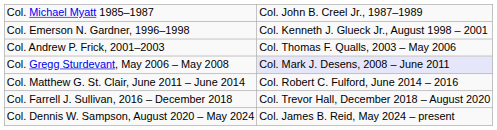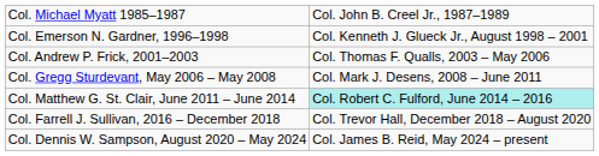 <table class="wikitable">
 <tr>
 <td>Col. <a href='#'>Michael Myatt</a> 1985–1987</td>
 <td>Col. John B. Creel Jr., 1987–1989</td>
 </tr>
 <tr>
 <td>Col. Emerson N. Gardner, 1996–1998</td>
 <td>Col. Kenneth J. Glueck Jr., August 1998 – 2001</td>
 </tr>
 <tr>
 <td>Col. Andrew P. Frick, 2001–2003</td>
 <td>Col. Thomas F. Qualls, 2003 – May 2006</td>
 </tr>
 <tr>
 <td>Col. <a href='#'>Gregg Sturdevant</a>, May 2006 – May 2008</td>
-<td style="background: lavender;">Col. Mark J. Desens, 2008 – June 2011</td>
+<td>Col. Mark J. Desens, 2008 – June 2011</td>
 </tr>
 <tr>
 <td>Col. Matthew G. St. Clair, June 2011 – June 2014</td>
-<td>Col. Robert C. Fulford, June 2014 – 2016</td>
+<td style="background: paleturquoise;">Col. Robert C. Fulford, June 2014 – 2016</td>
 </tr>
 <tr>
 <td>Col. Farrell J. Sullivan, 2016 – December 2018</td>
 <td>Col. Trevor Hall, December 2018 – August 2020</td>
 </tr>
 <tr>
 <td>Col. Dennis W. Sampson, August 2020 – May 2024</td>
 <td>Col. James B. Reid, May 2024 – present</td>
 </tr>
 </table>
